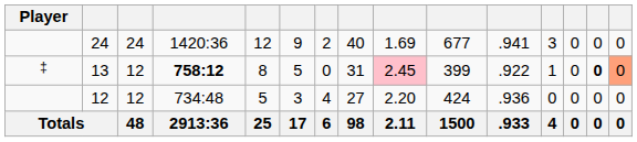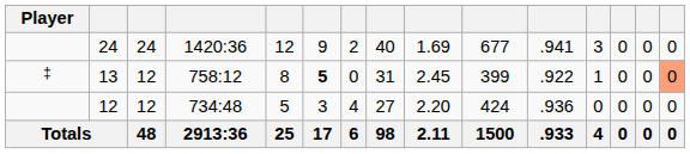 <table class="wikitable sortable" style="width:100%; text-align:center;">
 <tr style="text-align:center; background:#ddd;">
 <th>Player</th>
 <th></th>
 <th></th>
 <th></th>
 <th></th>
 <th></th>
 <th></th>
 <th></th>
 <th></th>
 <th></th>
 <th></th>
 <th></th>
 <th></th>
 <th></th>
 <th></th>
 </tr>
 <tr>
 <td></td>
 <td>24</td>
 <td>24</td>
 <td>1420:36</td>
 <td>12</td>
 <td>9</td>
 <td>2</td>
 <td>40</td>
 <td>1.69</td>
 <td>677</td>
 <td>.941</td>
 <td>3</td>
 <td>0</td>
 <td>0</td>
 <td>0</td>
 </tr>
 <tr>
 <td><sup>‡</sup></td>
 <td>13</td>
 <td>12</td>
-<td><strong>758:12</strong></td>
+<td>758:12</td>
 <td>8</td>
-<td>5</td>
+<td><strong>5</strong></td>
 <td>0</td>
 <td>31</td>
-<td style="background: pink;">2.45</td>
+<td>2.45</td>
 <td>399</td>
 <td>.922</td>
 <td>1</td>
 <td>0</td>
-<td><strong>0</strong></td>
+<td>0</td>
 <td style="background: lightsalmon;">0</td>
 </tr>
 <tr>
 <td></td>
 <td>12</td>
 <td>12</td>
 <td>734:48</td>
 <td>5</td>
 <td>3</td>
 <td>4</td>
 <td>27</td>
 <td>2.20</td>
 <td>424</td>
 <td>.936</td>
 <td>0</td>
 <td>0</td>
 <td>0</td>
 <td>0</td>
 </tr>
 <tr class="unsortable">
 <th colspan=2>Totals</th>
 <th>48</th>
 <th>2913:36</th>
 <th>25</th>
 <th>17</th>
 <th>6</th>
 <th>98</th>
 <th>2.11</th>
 <th>1500</th>
 <th>.933</th>
 <th>4</th>
 <th>0</th>
 <th>0</th>
 <th>0</th>
 </tr>
 </table>
